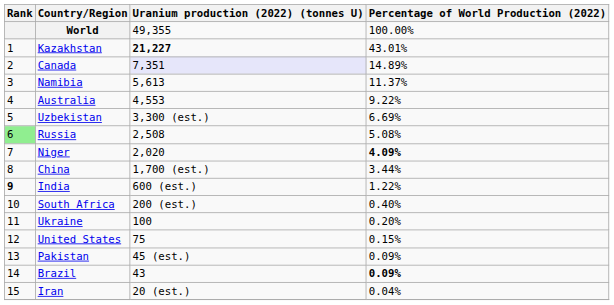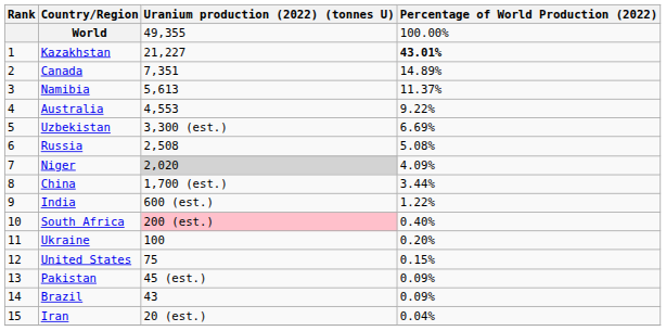 <table class="wikitable sortable">
 <tr>
 <th>Rank</th>
 <th>Country/Region</th>
 <th><strong>Uranium production (2022) (tonnes U)</strong></th>
 <th>Percentage of World Production (2022)</th>
 </tr>
 <tr>
 <th></th>
 <th>World</th>
 <td>49,355</td>
 <td>100.00%</td>
 </tr>
 <tr>
 <td>1</td>
 <td> <a href='#'>Kazakhstan</a></td>
-<td><strong>21,227</strong></td>
-<td>43.01%</td>
+<td>21,227</td>
+<td><strong>43.01%</strong></td>
 </tr>
 <tr>
 <td>2</td>
 <td> <a href='#'>Canada</a></td>
-<td style="background: lavender;">7,351</td>
+<td>7,351</td>
 <td>14.89%</td>
 </tr>
 <tr>
 <td>3</td>
 <td> <a href='#'>Namibia</a></td>
 <td>5,613</td>
 <td>11.37%</td>
 </tr>
 <tr>
 <td>4</td>
 <td> <a href='#'>Australia</a></td>
 <td>4,553</td>
 <td>9.22%</td>
 </tr>
 <tr>
 <td>5</td>
 <td> <a href='#'>Uzbekistan</a></td>
 <td>3,300 (est.)</td>
 <td>6.69%</td>
 </tr>
 <tr>
-<td style="background: lightgreen;">6</td>
+<td>6</td>
 <td> <a href='#'>Russia</a></td>
 <td>2,508</td>
 <td>5.08%</td>
 </tr>
 <tr>
 <td>7</td>
 <td> <a href='#'>Niger</a></td>
-<td>2,020</td>
-<td><strong>4.09%</strong></td>
+<td style="background: lightgrey;">2,020</td>
+<td>4.09%</td>
 </tr>
 <tr>
 <td>8</td>
 <td> <a href='#'>China</a></td>
 <td>1,700 (est.)</td>
 <td>3.44%</td>
 </tr>
 <tr>
-<td><strong>9</strong></td>
+<td>9</td>
 <td> <a href='#'>India</a></td>
 <td>600 (est.)</td>
 <td>1.22%</td>
 </tr>
 <tr>
 <td>10</td>
 <td> <a href='#'>South Africa</a></td>
-<td>200 (est.)</td>
+<td style="background: pink;">200 (est.)</td>
 <td>0.40%</td>
 </tr>
 <tr>
 <td>11</td>
 <td> <a href='#'>Ukraine</a></td>
 <td>100</td>
 <td>0.20%</td>
 </tr>
 <tr>
 <td>12</td>
 <td> <a href='#'>United States</a></td>
 <td>75</td>
 <td>0.15%</td>
 </tr>
 <tr>
 <td>13</td>
 <td> <a href='#'>Pakistan</a></td>
 <td>45 (est.)</td>
 <td>0.09%</td>
 </tr>
 <tr>
 <td>14</td>
 <td> <a href='#'>Brazil</a></td>
 <td>43</td>
-<td><strong>0.09%</strong></td>
+<td>0.09%</td>
 </tr>
 <tr>
 <td>15</td>
 <td> <a href='#'>Iran</a></td>
 <td>20 (est.)</td>
 <td>0.04%</td>
 </tr>
 <tr>
 </tr>
 </table>
